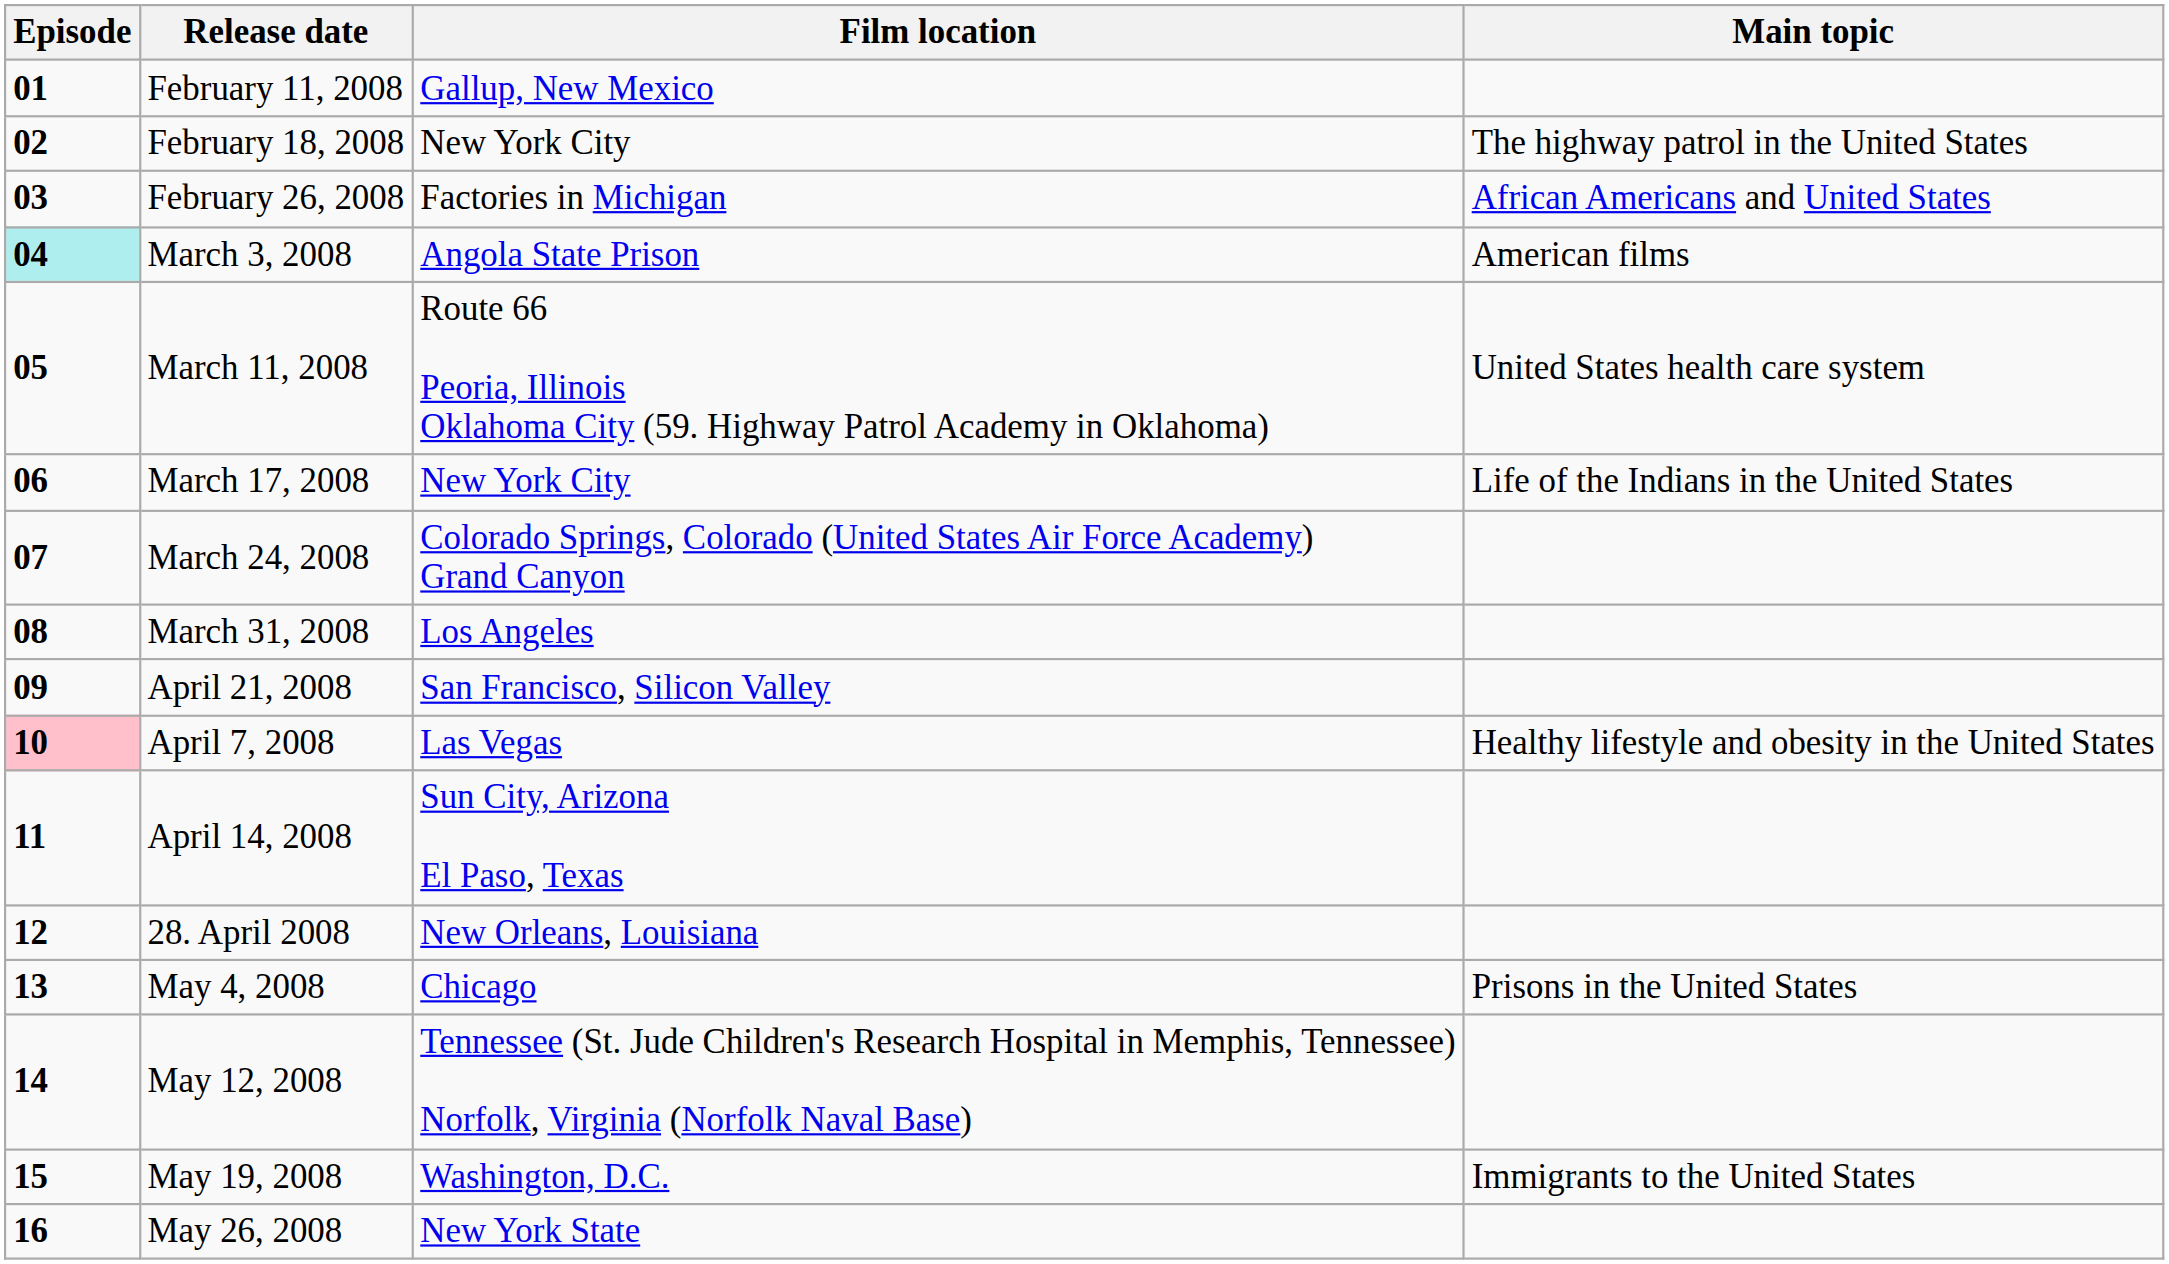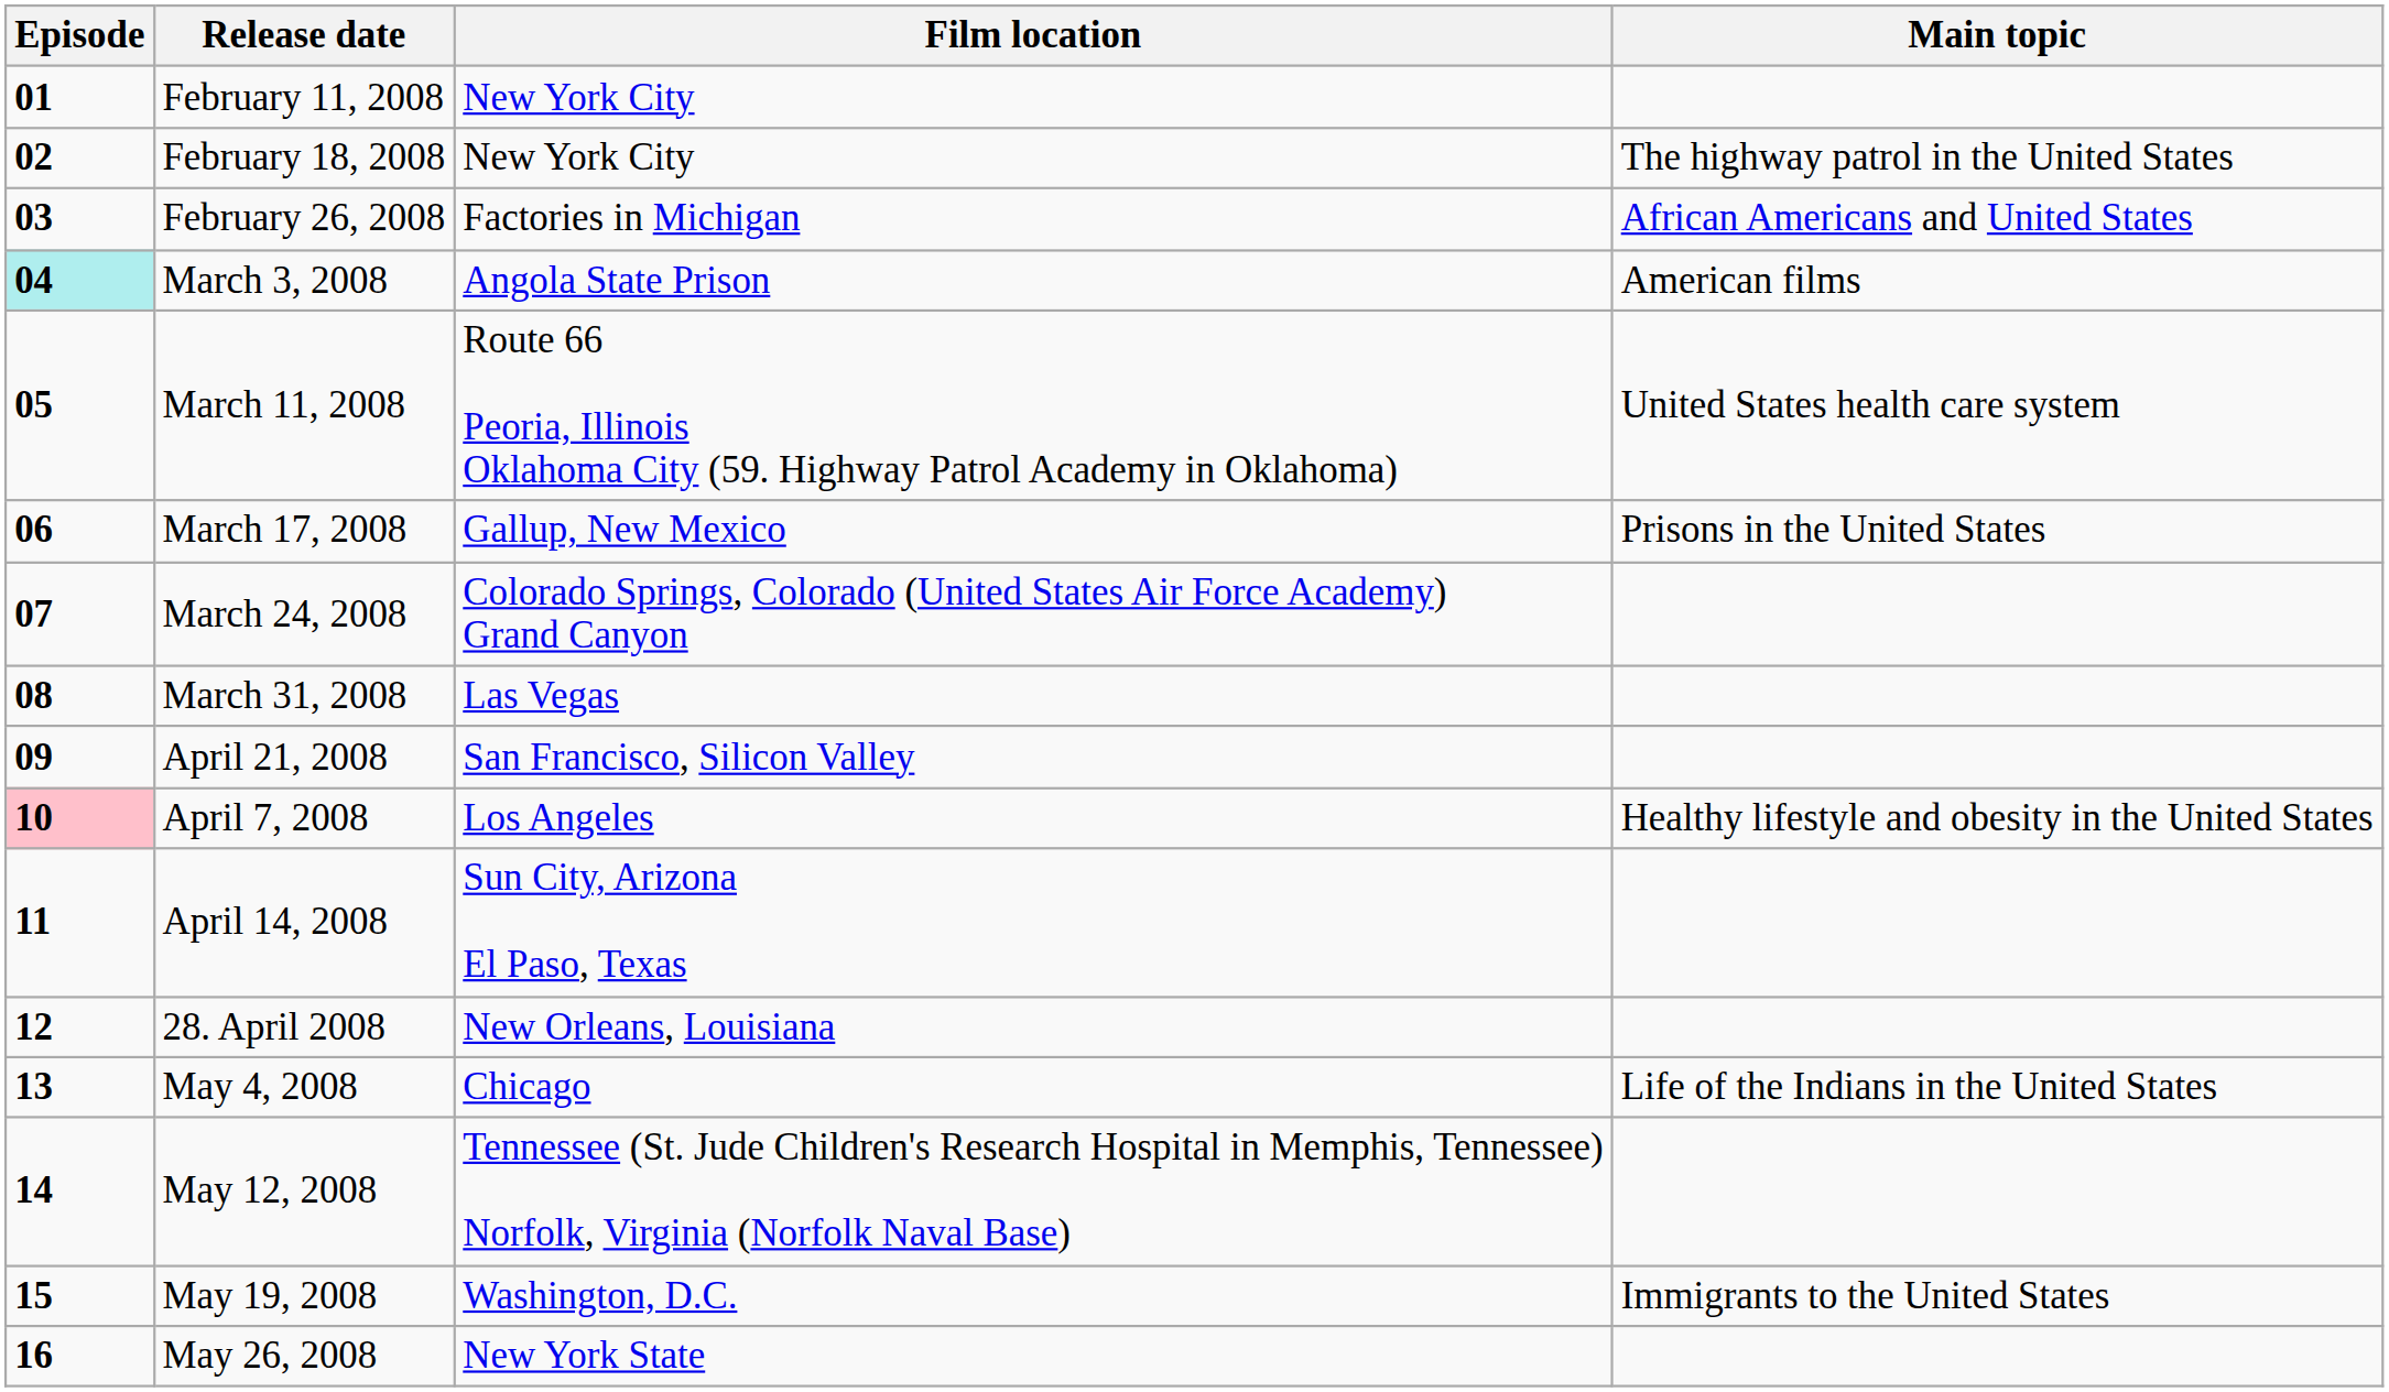 <table class= wikitable>
 <tr>
 <th>Episode</th>
 <th>Release date</th>
 <th>Film location</th>
 <th>Main topic</th>
 </tr>
 <tr>
 <td><strong>01</strong></td>
 <td>February 11, 2008</td>
-<td><a href='#'>Gallup, New Mexico</a></td>
+<td><a href='#'>New York City</a></td>
 <td></td>
 </tr>
 <tr>
 <td><strong>02</strong></td>
 <td>February 18, 2008</td>
 <td>New York City</td>
 <td>The highway patrol in the United States</td>
 </tr>
 <tr>
 <td><strong>03</strong></td>
 <td>February 26, 2008</td>
 <td>Factories in <a href='#'>Michigan</a></td>
 <td><a href='#'>African Americans</a> and <a href='#'>United States</a></td>
 </tr>
 <tr>
 <td style="background: paleturquoise;"><strong>04</strong></td>
 <td>March 3, 2008</td>
 <td><a href='#'>Angola State Prison</a></td>
 <td>American films</td>
 </tr>
 <tr>
 <td><strong>05</strong></td>
 <td>March 11, 2008</td>
 <td>Route 66<br><br><a href='#'>Peoria, Illinois</a><br> <a href='#'>Oklahoma City</a> (59. Highway Patrol Academy in Oklahoma)</td>
 <td>United States health care system</td>
 </tr>
 <tr>
 <td><strong>06</strong></td>
 <td>March 17, 2008</td>
-<td><a href='#'>New York City</a></td>
-<td>Life of the  Indians in the United States</td>
+<td><a href='#'>Gallup, New Mexico</a></td>
+<td>Prisons in the United States</td>
 </tr>
 <tr>
 <td><strong>07</strong></td>
 <td>March 24, 2008</td>
 <td><a href='#'>Colorado Springs</a>, <a href='#'>Colorado</a> (<a href='#'>United States Air Force Academy</a>)<br><a href='#'>Grand Canyon</a></td>
 <td></td>
 </tr>
 <tr>
 <td><strong>08</strong></td>
 <td>March 31, 2008</td>
-<td><a href='#'>Los Angeles</a></td>
+<td><a href='#'>Las Vegas</a></td>
 <td></td>
 </tr>
 <tr>
 <td><strong>09</strong></td>
 <td>April 21, 2008</td>
 <td><a href='#'>San Francisco</a>, <a href='#'>Silicon Valley</a></td>
 <td></td>
 </tr>
 <tr>
 <td style="background: pink;"><strong>10</strong></td>
 <td>April 7, 2008</td>
-<td><a href='#'>Las Vegas</a></td>
+<td><a href='#'>Los Angeles</a></td>
 <td>Healthy lifestyle and obesity in the United States</td>
 </tr>
 <tr>
 <td><strong>11</strong></td>
 <td>April 14, 2008</td>
 <td><a href='#'>Sun City, Arizona</a><br><br><a href='#'>El Paso</a>, <a href='#'>Texas</a></td>
 <td></td>
 </tr>
 <tr>
 <td><strong>12</strong></td>
 <td>28. April 2008</td>
 <td><a href='#'>New Orleans</a>, <a href='#'>Louisiana</a></td>
 <td></td>
 </tr>
 <tr>
 <td><strong>13</strong></td>
 <td>May 4, 2008</td>
 <td><a href='#'>Chicago</a></td>
-<td>Prisons in the United States</td>
+<td>Life of the  Indians in the United States</td>
 </tr>
 <tr>
 <td><strong>14</strong></td>
 <td>May 12, 2008</td>
 <td><a href='#'>Tennessee</a> (St. Jude Children's Research Hospital in Memphis, Tennessee)<br><br><a href='#'>Norfolk</a>, <a href='#'>Virginia</a> (<a href='#'>Norfolk Naval Base</a>)</td>
 <td></td>
 </tr>
 <tr>
 <td><strong>15</strong></td>
 <td>May 19, 2008</td>
 <td><a href='#'>Washington, D.C.</a></td>
 <td>Immigrants to the United States</td>
 </tr>
 <tr>
 <td><strong>16</strong></td>
 <td>May 26, 2008</td>
 <td><a href='#'>New York State</a></td>
 <td></td>
 </tr>
 </table>
